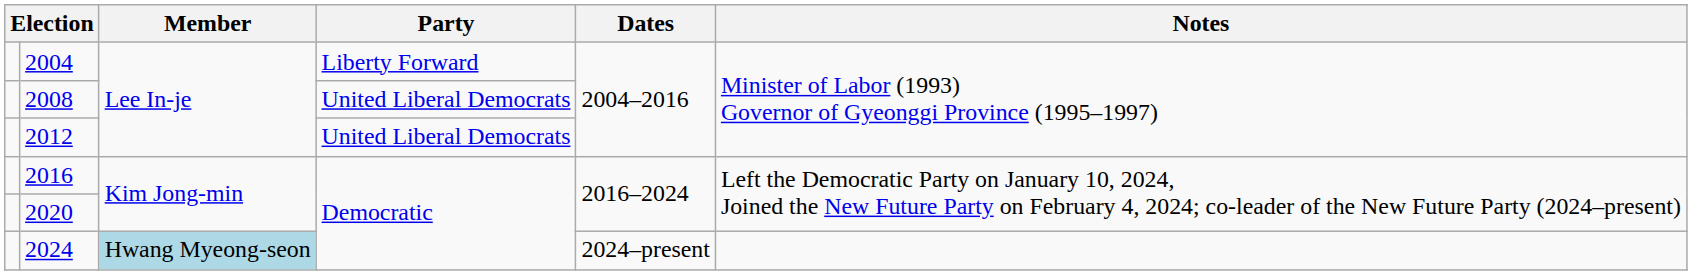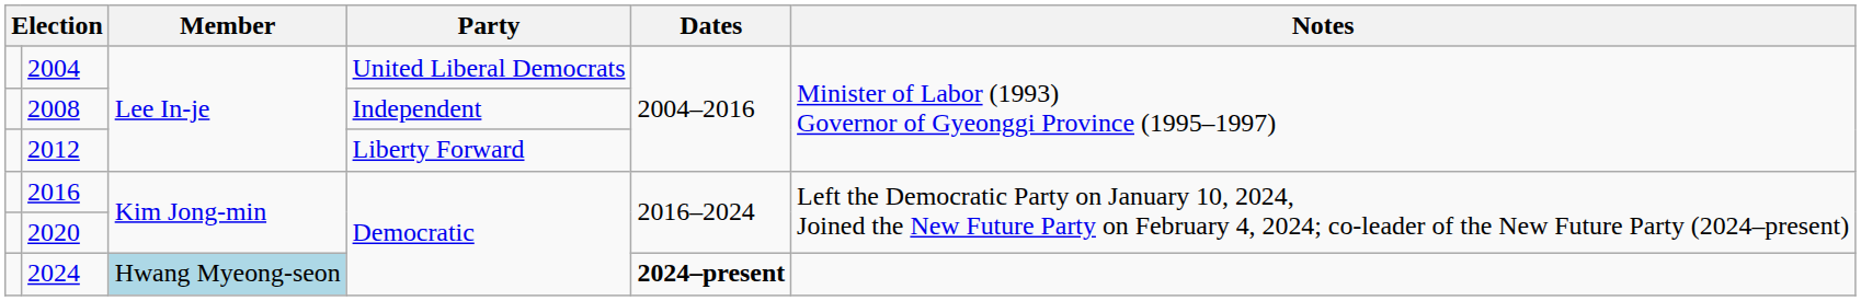 <table class="wikitable">
 <tr>
 <th colspan="2">Election</th>
 <th>Member</th>
 <th>Party</th>
 <th>Dates</th>
 <th>Notes</th>
 </tr>
 <tr>
 <td></td>
 <td><a href='#'>2004</a></td>
 <td rowspan="3"><a href='#'>Lee In-je</a></td>
-<td><a href='#'>Liberty Forward</a></td>
+<td><a href='#'>United Liberal Democrats</a></td>
 <td rowspan="3">2004–2016</td>
 <td rowspan="3"><a href='#'>Minister of Labor</a> (1993)<br><a href='#'>Governor of Gyeonggi Province</a> (1995–1997)</td>
 </tr>
 <tr>
 <td></td>
 <td><a href='#'>2008</a></td>
-<td><a href='#'>United Liberal Democrats</a></td>
+<td><a href='#'>Independent</a></td>
 </tr>
 <tr>
 <td></td>
 <td><a href='#'>2012</a></td>
-<td><a href='#'>United Liberal Democrats</a></td>
+<td><a href='#'>Liberty Forward</a></td>
 </tr>
 <tr>
 <td></td>
 <td><a href='#'>2016</a></td>
 <td rowspan="2"><a href='#'>Kim Jong-min</a></td>
 <td rowspan="3"><a href='#'>Democratic</a></td>
 <td rowspan="2">2016–2024</td>
 <td rowspan="2">Left the Democratic Party on January 10, 2024,<br>Joined the <a href='#'>New Future Party</a> on February 4, 2024; co-leader of the New Future Party (2024–present)</td>
 </tr>
 <tr>
 <td></td>
 <td><a href='#'>2020</a></td>
 </tr>
 <tr>
 <td></td>
 <td><a href='#'>2024</a></td>
 <td style="background: lightblue;">Hwang Myeong-seon</td>
-<td>2024–present</td>
+<td><strong>2024–present</strong></td>
 <td></td>
 </tr>
 </table>
